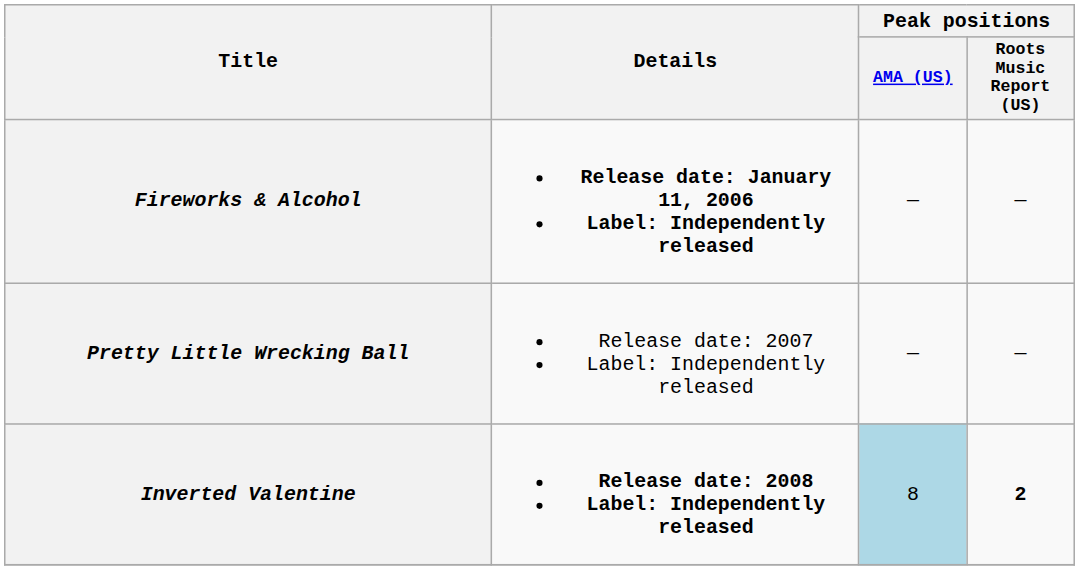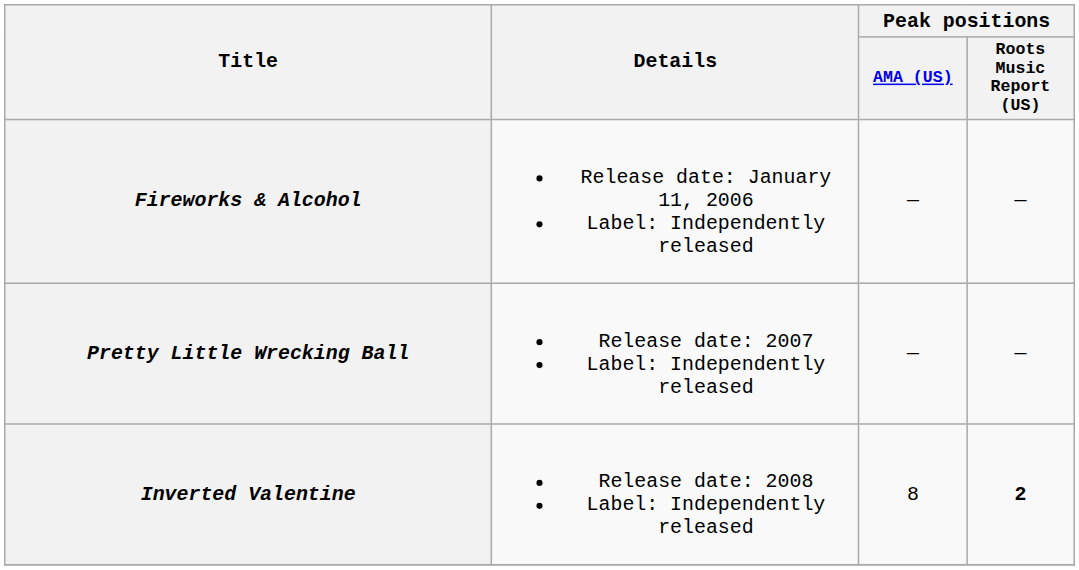 <table class="wikitable plainrowheaders" style="text-align:center;">
 <tr>
 <th rowspan="2" style="width:24em;">Title</th>
 <th rowspan="2" style="width:18em;">Details</th>
 <th colspan="4">Peak positions</th>
 </tr>
 <tr style="font-size:smaller;">
 <th style="width:65px;"><a href='#'>AMA (US)</a></th>
 <th style="width:65px;">Roots Music Report (US)</th>
 </tr>
 <tr>
 <th scope="row"><em>Fireworks & Alcohol</em></th>
-<td><strong><br><ul><li>Release date: January 11, 2006</li><li>Label: Independently released</li></ul></strong></td>
+<td><br><ul><li>Release date: January 11, 2006</li><li>Label: Independently released</li></ul></td>
 <td>—</td>
 <td>—</td>
 </tr>
 <tr>
 <th scope="row"><em>Pretty Little Wrecking Ball</em></th>
 <td><br><ul><li>Release date: 2007</li><li>Label: Independently released</li></ul></td>
 <td>—</td>
 <td>—</td>
 </tr>
 <tr>
 <th scope="row"><em>Inverted Valentine</em></th>
-<td><strong><br><ul><li>Release date: 2008</li><li>Label: Independently released</li></ul></strong></td>
-<td style="background: lightblue;">8 </td>
+<td><br><ul><li>Release date: 2008</li><li>Label: Independently released</li></ul></td>
+<td>8 </td>
 <td><strong>2</strong></td>
 </tr>
 <tr>
 </tr>
 </table>
